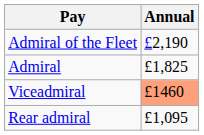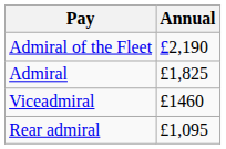 <table class="wikitable">
 <tr>
 <th>Pay</th>
 <th>Annual</th>
 </tr>
 <tr>
 <td><a href='#'>Admiral of the Fleet</a></td>
 <td><a href='#'>£</a>2,190</td>
 </tr>
 <tr>
 <td><a href='#'>Admiral</a></td>
 <td>£1,825</td>
 </tr>
 <tr>
 <td><a href='#'>Viceadmiral</a></td>
-<td style="background: lightsalmon;">£1460</td>
+<td>£1460</td>
 </tr>
 <tr>
 <td><a href='#'>Rear admiral</a></td>
 <td>£1,095</td>
 </tr>
 </table>
